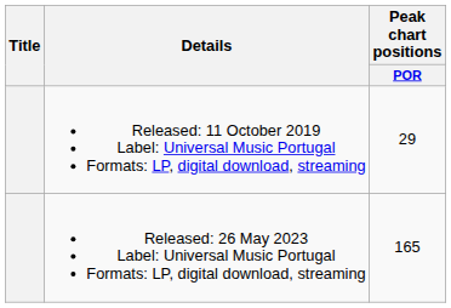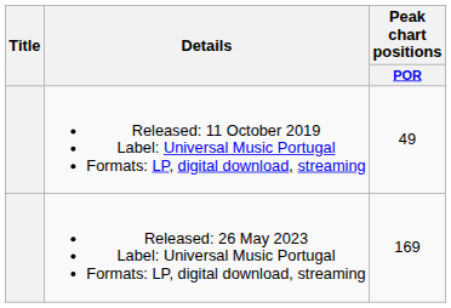 <table class="wikitable plainrowheaders" style="text-align:center;" border="1">
 <tr>
 <th scope="col" rowspan="2">Title</th>
 <th scope="col" rowspan="2">Details</th>
 <th scope="col" colspan="1">Peak chart positions</th>
 </tr>
 <tr>
 <th scope="col" style="width:3em;font-size:85%;"><a href='#'>POR</a><br></th>
 </tr>
 <tr>
 <th scope="row"></th>
 <td><br><ul><li>Released: 11 October 2019</li><li>Label: <a href='#'>Universal Music Portugal</a></li><li>Formats: <a href='#'>LP</a>, <a href='#'>digital download</a>, <a href='#'>streaming</a></li></ul></td>
-<td>29</td>
+<td>49</td>
 </tr>
 <tr>
 <th scope="row"></th>
 <td><br><ul><li>Released: 26 May 2023</li><li>Label: Universal Music Portugal</li><li>Formats: LP, digital download, streaming</li></ul></td>
-<td>165</td>
+<td>169</td>
 </tr>
 </table>
